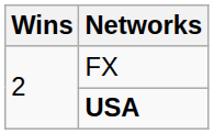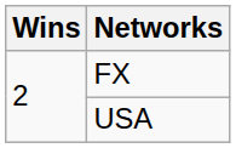 <table class="wikitable">
 <tr>
 <th>Wins</th>
 <th>Networks</th>
 </tr>
 <tr>
 <td rowspan="2">2</td>
 <td>FX</td>
 </tr>
 <tr>
-<td><strong>USA</strong></td>
+<td>USA</td>
 </tr>
 </table>
